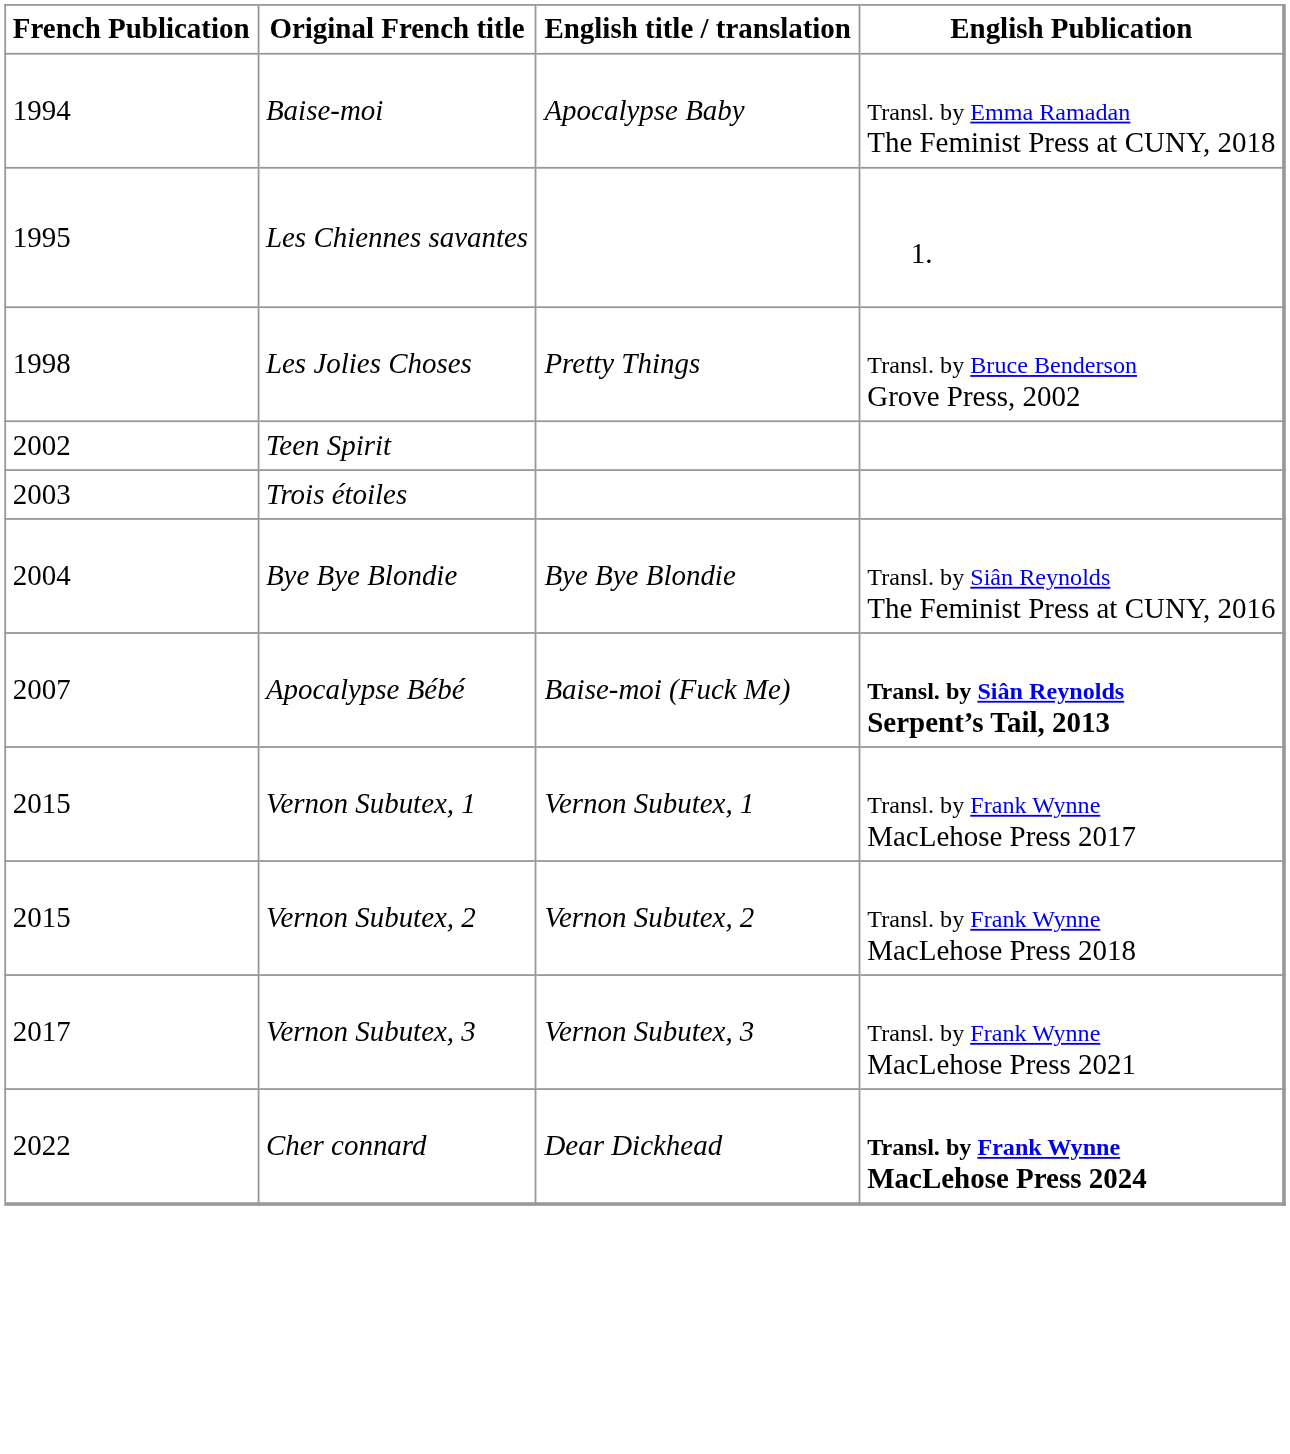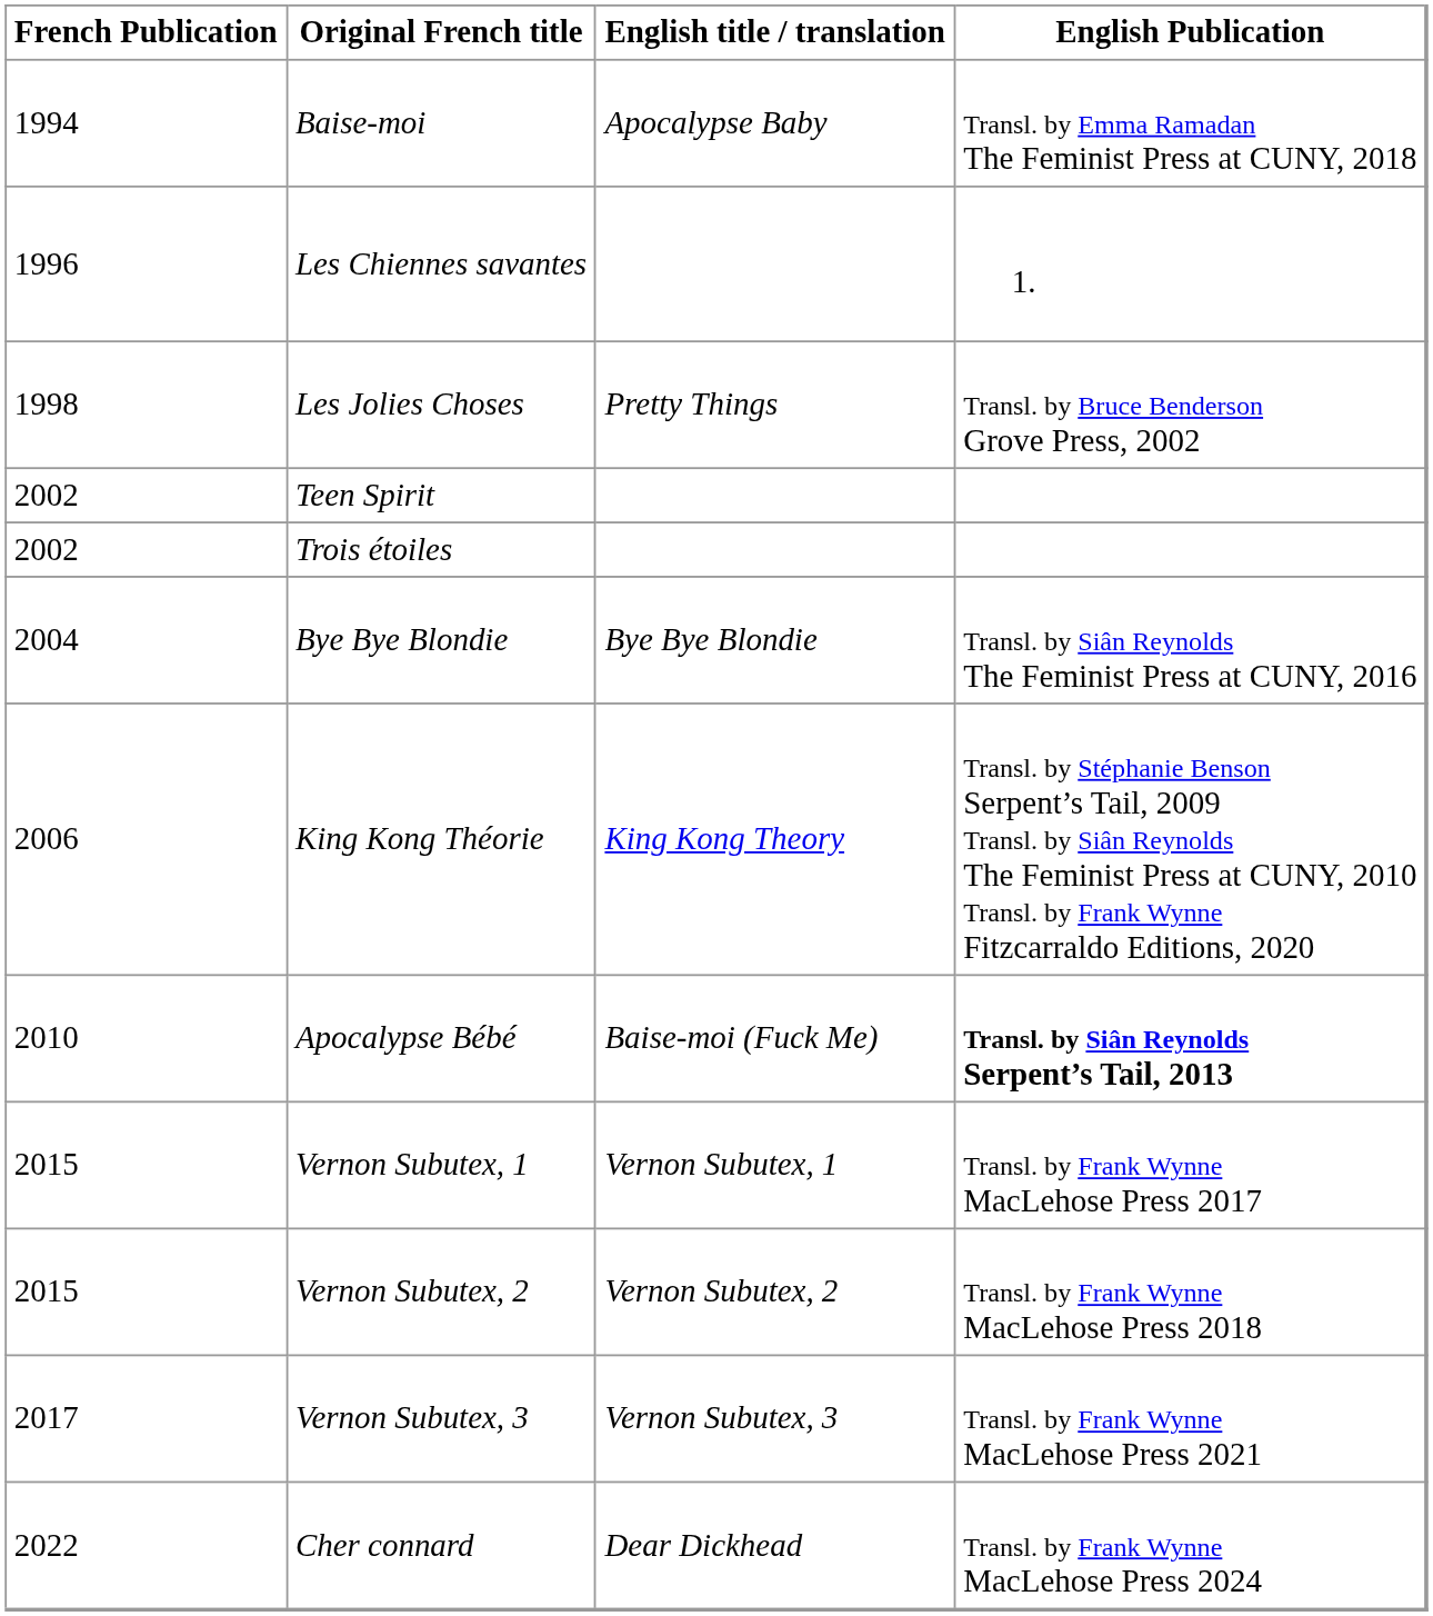 <table align="center" rules="all" cellspacing="0" cellpadding="4" style="border: 1px solid #999; border-right: 2px solid #999; border-bottom:2px solid #999">
 <tr>
 <th>French Publication</th>
 <th>Original French title</th>
 <th>English title / translation</th>
 <th>English Publication</th>
 </tr>
 <tr>
 <td>1994<br></td>
 <td><em>Baise-moi</em></td>
 <td><em>Apocalypse Baby</em><br></td>
 <td><br><small>Transl. by <a href='#'>Emma Ramadan</a></small><br> The Feminist Press at CUNY, 2018</td>
 </tr>
 <tr>
-<td>1995<br></td>
+<td>1996<br></td>
 <td><em>Les Chiennes savantes</em></td>
 <td><br></td>
 <td><br><ol><li></li></ol></td>
 </tr>
 <tr>
 <td>1998<br></td>
 <td><em>Les Jolies Choses</em></td>
 <td><em>Pretty Things</em><br></td>
 <td><br><small>Transl. by <a href='#'>Bruce Benderson</a></small><br> Grove Press, 2002</td>
 </tr>
 <tr>
 <td>2002<br></td>
 <td><em>Teen Spirit</em></td>
 <td><br></td>
 <td></td>
 </tr>
 <tr>
-<td>2003<br></td>
+<td>2002<br></td>
 <td><em>Trois étoiles</em></td>
 <td><br></td>
 <td></td>
 </tr>
 <tr>
 <td>2004<br></td>
 <td><em>Bye Bye Blondie</em></td>
 <td><em>Bye Bye Blondie</em><br></td>
 <td><br><small>Transl. by <a href='#'>Siân Reynolds</a></small><br> The Feminist Press at CUNY, 2016</td>
 </tr>
 <tr>
-<td>2007<br></td>
+<td>2006<br></td>
+<td><em>King Kong Théorie</em></td>
+<td><em><a href='#'>King Kong Theory</a></em><br></td>
+<td><br><small>Transl. by <a href='#'>Stéphanie Benson</a></small><br> Serpent’s Tail, 2009<br> <small>Transl. by <a href='#'>Siân Reynolds</a></small><br> The Feminist Press at CUNY, 2010<br> <small>Transl. by <a href='#'>Frank Wynne</a></small><br> Fitzcarraldo Editions, 2020</td>
+</tr>
+<tr>
+<td>2010<br></td>
 <td><em>Apocalypse Bébé</em></td>
 <td><em>Baise-moi (Fuck Me)</em><br></td>
 <td><strong><br><small>Transl. by <a href='#'>Siân Reynolds</a></small><br> Serpent’s Tail, 2013</strong></td>
 </tr>
 <tr>
 <td>2015<br></td>
 <td><em>Vernon Subutex, 1</em></td>
 <td><em>Vernon Subutex, 1</em> <br></td>
 <td><br><small>Transl. by <a href='#'>Frank Wynne</a></small><br> MacLehose Press 2017</td>
 </tr>
 <tr>
 <td>2015<br></td>
 <td><em>Vernon Subutex, 2</em></td>
 <td><em>Vernon Subutex, 2</em> <br></td>
 <td><br><small>Transl. by <a href='#'>Frank Wynne</a></small><br> MacLehose Press 2018</td>
 </tr>
 <tr>
 <td>2017<br></td>
 <td><em>Vernon Subutex, 3</em></td>
 <td><em>Vernon Subutex, 3</em> <br></td>
 <td><br><small>Transl. by <a href='#'>Frank Wynne</a></small><br> MacLehose Press 2021</td>
 </tr>
 <tr>
 <td>2022<br></td>
 <td><em>Cher connard</em></td>
 <td><em>Dear Dickhead</em><br></td>
-<td><strong><br><small>Transl. by <a href='#'>Frank Wynne</a></small><br> MacLehose Press 2024</strong></td>
+<td><br><small>Transl. by <a href='#'>Frank Wynne</a></small><br> MacLehose Press 2024</td>
 </tr>
 </table>
